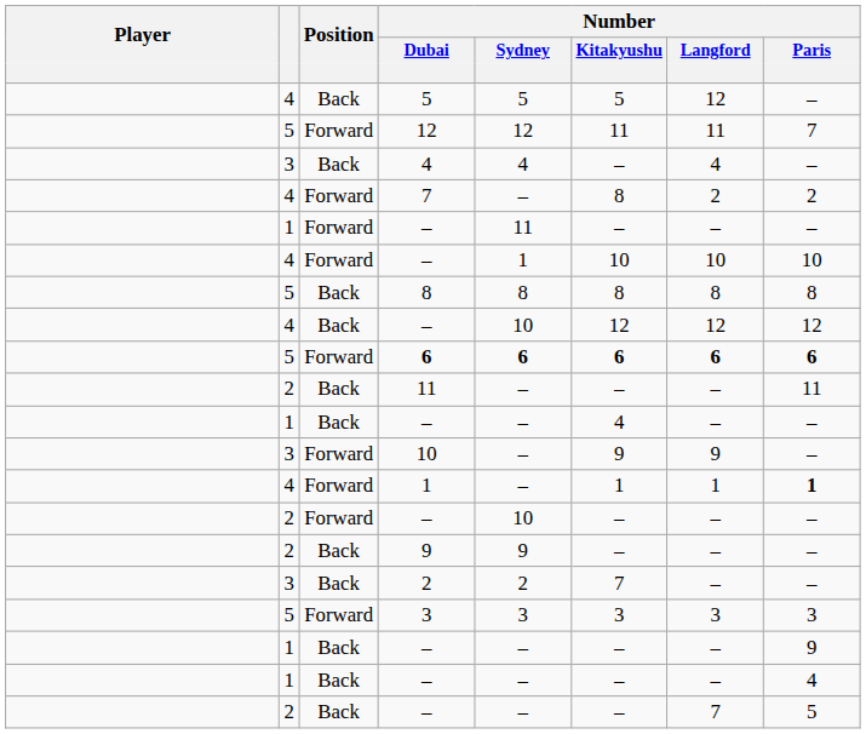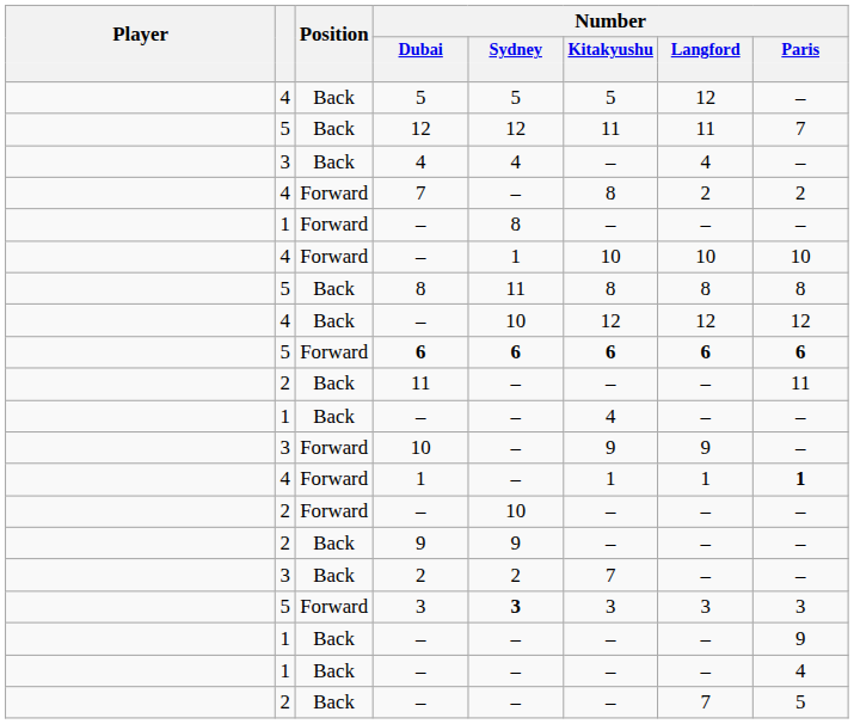 <table class="wikitable sortable" style="text-align:center;">
 <tr>
 <th rowspan="2" style="border-bottom:0; width:13em;">Player</th>
 <th rowspan="2" style="border-bottom:0;"></th>
 <th rowspan="2" style="border-bottom:0;">Position</th>
 <th colspan=5>Number</th>
 </tr>
 <tr>
 <th style="vertical-align:top; width:5.2em; border-bottom:0; padding:2px; font-size:85%;"><a href='#'>Dubai</a></th>
 <th style="vertical-align:top; width:5.2em; border-bottom:0; padding:2px; font-size:85%;"><a href='#'>Sydney</a></th>
 <th style="vertical-align:top; width:5.2em; border-bottom:0; padding:2px; font-size:85%;"><a href='#'>Kitakyushu</a></th>
 <th style="vertical-align:top; width:5.2em; border-bottom:0; padding:2px; font-size:85%;"><a href='#'>Langford</a></th>
 <th style="vertical-align:top; width:5.2em; border-bottom:0; padding:2px; font-size:85%;"><a href='#'>Paris</a></th>
 </tr>
 <tr style="line-height:8px;">
 <th style="border-top:0;"> </th>
 <th style="border-top:0;"></th>
 <th style="border-top:0;"></th>
 <th data-sort-type="number" style="border-top:0;"></th>
 <th data-sort-type="number" style="border-top:0;"></th>
 <th data-sort-type="number" style="border-top:0;"></th>
 <th data-sort-type="number" style="border-top:0;"></th>
 <th data-sort-type="number" style="border-top:0;"></th>
 </tr>
 <tr>
 <td align=left></td>
 <td>4</td>
 <td>Back</td>
 <td>5</td>
 <td>5</td>
 <td>5</td>
 <td>12</td>
 <td>–</td>
 </tr>
 <tr>
 <td align=left></td>
 <td>5</td>
-<td>Forward</td>
+<td>Back</td>
 <td>12</td>
 <td>12</td>
 <td>11</td>
 <td>11</td>
 <td>7</td>
 </tr>
 <tr>
 <td align=left></td>
 <td>3</td>
 <td>Back</td>
 <td>4</td>
 <td>4</td>
 <td>–</td>
 <td>4</td>
 <td>–</td>
 </tr>
 <tr>
 <td align=left></td>
 <td>4</td>
 <td>Forward</td>
 <td>7</td>
 <td>–</td>
 <td>8</td>
 <td>2</td>
 <td>2</td>
 </tr>
 <tr>
 <td align=left></td>
 <td>1</td>
 <td>Forward</td>
 <td>–</td>
-<td>11</td>
+<td>8</td>
 <td>–</td>
 <td>–</td>
 <td>–</td>
 </tr>
 <tr>
 <td align=left></td>
 <td>4</td>
 <td>Forward</td>
 <td>–</td>
 <td>1</td>
 <td>10</td>
 <td>10</td>
 <td>10</td>
 </tr>
 <tr>
 <td align=left></td>
 <td>5</td>
 <td>Back</td>
 <td>8</td>
-<td>8</td>
+<td>11</td>
 <td>8</td>
 <td>8</td>
 <td>8</td>
 </tr>
 <tr>
 <td align=left></td>
 <td>4</td>
 <td>Back</td>
 <td>–</td>
 <td>10</td>
 <td>12</td>
 <td>12</td>
 <td>12</td>
 </tr>
 <tr>
 <td align=left></td>
 <td>5</td>
 <td>Forward</td>
 <td><strong>6</strong></td>
 <td><strong>6</strong></td>
 <td><strong>6</strong></td>
 <td><strong>6</strong></td>
 <td><strong>6</strong></td>
 </tr>
 <tr>
 <td align=left></td>
 <td>2</td>
 <td>Back</td>
 <td>11</td>
 <td>–</td>
 <td>–</td>
 <td>–</td>
 <td>11</td>
 </tr>
 <tr>
 <td align=left></td>
 <td>1</td>
 <td>Back</td>
 <td>–</td>
 <td>–</td>
 <td>4</td>
 <td>–</td>
 <td>–</td>
 </tr>
 <tr>
 <td align=left></td>
 <td>3</td>
 <td>Forward</td>
 <td>10</td>
 <td>–</td>
 <td>9</td>
 <td>9</td>
 <td>–</td>
 </tr>
 <tr>
 <td align=left></td>
 <td>4</td>
 <td>Forward</td>
 <td>1</td>
 <td>–</td>
 <td>1</td>
 <td>1</td>
 <td><strong>1</strong></td>
 </tr>
 <tr>
 <td align=left></td>
 <td>2</td>
 <td>Forward</td>
 <td>–</td>
 <td>10</td>
 <td>–</td>
 <td>–</td>
 <td>–</td>
 </tr>
 <tr>
 <td align=left></td>
 <td>2</td>
 <td>Back</td>
 <td>9</td>
 <td>9</td>
 <td>–</td>
 <td>–</td>
 <td>–</td>
 </tr>
 <tr>
 <td align=left></td>
 <td>3</td>
 <td>Back</td>
 <td>2</td>
 <td>2</td>
 <td>7</td>
 <td>–</td>
 <td>–</td>
 </tr>
 <tr>
 <td align=left></td>
 <td>5</td>
 <td>Forward</td>
 <td>3</td>
-<td>3</td>
+<td><strong>3</strong></td>
 <td>3</td>
 <td>3</td>
 <td>3</td>
 </tr>
 <tr>
 <td align=left></td>
 <td>1</td>
 <td>Back</td>
 <td>–</td>
 <td>–</td>
 <td>–</td>
 <td>–</td>
 <td>9</td>
 </tr>
 <tr>
 <td align=left></td>
 <td>1</td>
 <td>Back</td>
 <td>–</td>
 <td>–</td>
 <td>–</td>
 <td>–</td>
 <td>4</td>
 </tr>
 <tr>
 <td align=left></td>
 <td>2</td>
 <td>Back</td>
 <td>–</td>
 <td>–</td>
 <td>–</td>
 <td>7</td>
 <td>5</td>
 </tr>
 </table>
